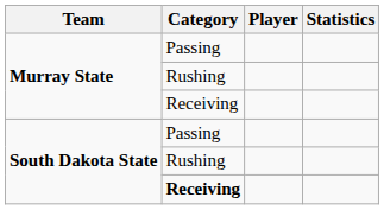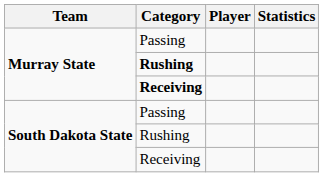 <table class="wikitable" style="float: left;">
 <tr>
 <th>Team</th>
 <th>Category</th>
 <th>Player</th>
 <th>Statistics</th>
 </tr>
 <tr>
 <td rowspan=3><strong>Murray State</strong></td>
 <td>Passing</td>
 <td></td>
 <td></td>
 </tr>
 <tr>
-<td>Rushing</td>
+<td><strong>Rushing</strong></td>
 <td></td>
 <td></td>
 </tr>
 <tr>
-<td>Receiving</td>
+<td><strong>Receiving</strong></td>
 <td></td>
 <td></td>
 </tr>
 <tr>
 <td rowspan=3><strong>South Dakota State</strong></td>
 <td>Passing</td>
 <td></td>
 <td></td>
 </tr>
 <tr>
 <td>Rushing</td>
 <td></td>
 <td></td>
 </tr>
 <tr>
-<td><strong>Receiving</strong></td>
+<td>Receiving</td>
 <td></td>
 <td></td>
 </tr>
 </table>
